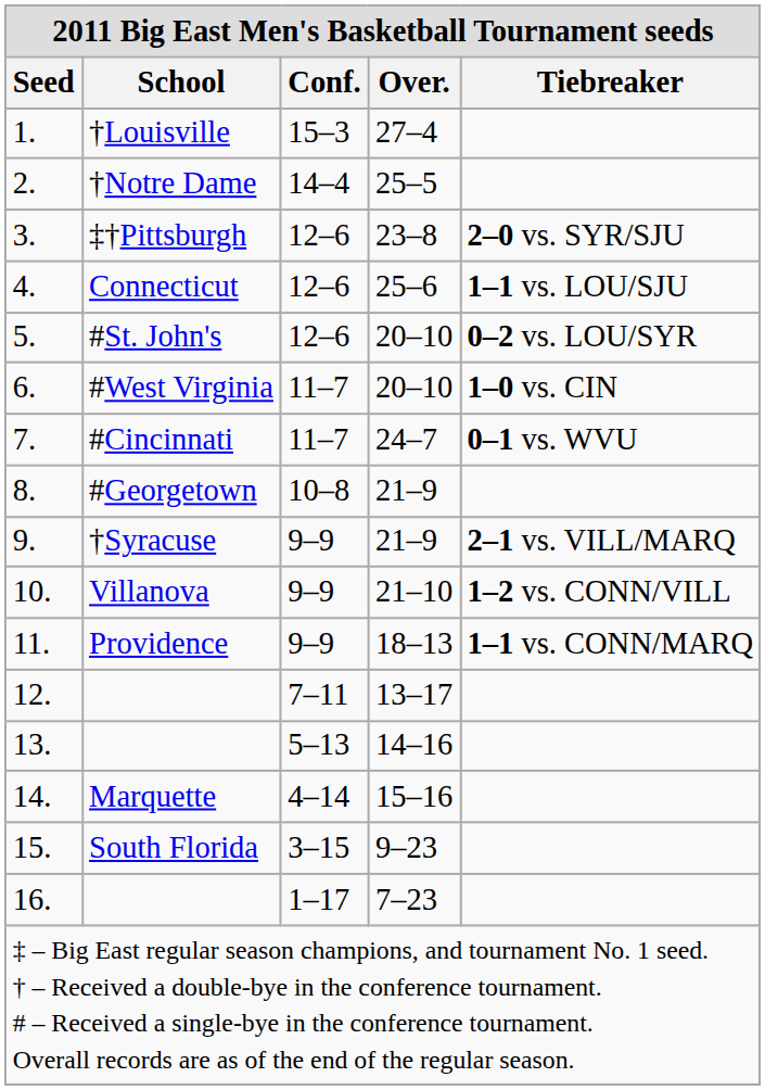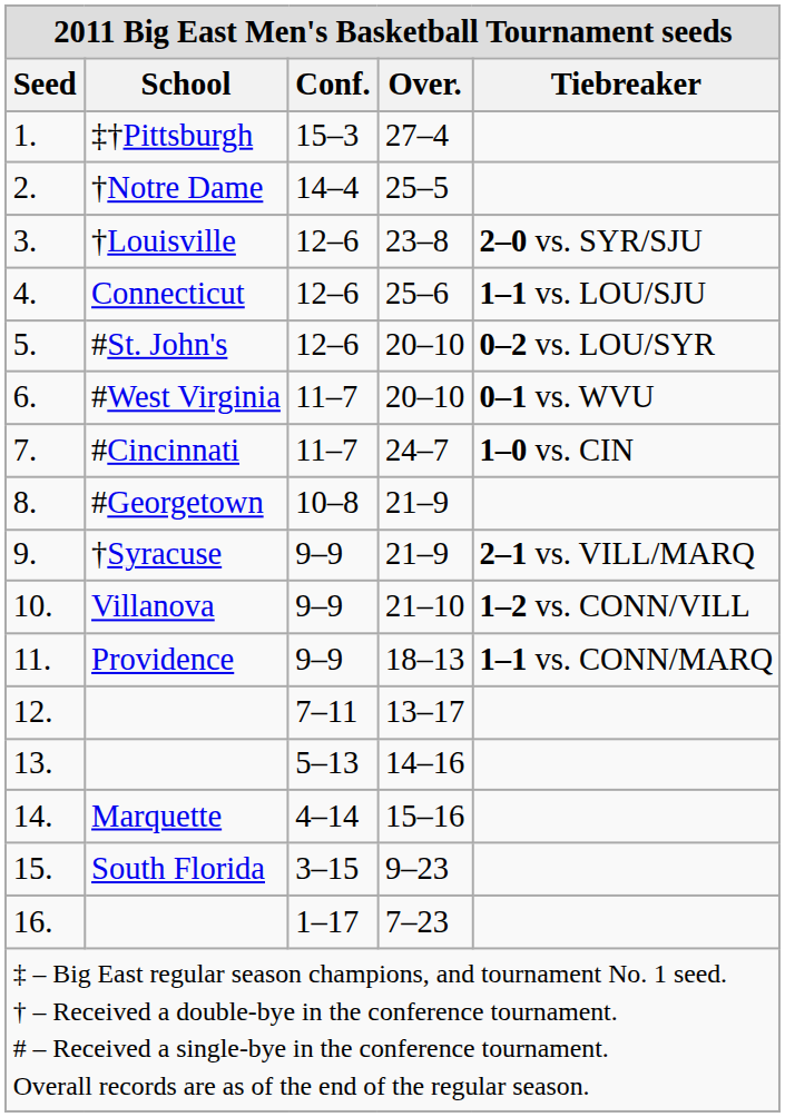 <table class="wikitable" style="white-space:nowrap; font-size:90%;">
 <tr>
 <td colspan="7" style="text-align:center; background:#DDDDDD; font:#000000"><strong>2011 Big East Men's Basketball Tournament seeds</strong></td>
 </tr>
 <tr bgcolor="#efefef">
 <th>Seed</th>
 <th>School</th>
 <th>Conf.</th>
 <th>Over.</th>
 <th>Tiebreaker</th>
 </tr>
 <tr>
 <td>1.</td>
-<td>†<a href='#'>Louisville</a></td>
+<td>‡†<a href='#'>Pittsburgh</a></td>
 <td>15–3</td>
 <td>27–4</td>
 <td></td>
 </tr>
 <tr>
 <td>2.</td>
 <td>†<a href='#'>Notre Dame</a></td>
 <td>14–4</td>
 <td>25–5</td>
 <td></td>
 </tr>
 <tr>
 <td>3.</td>
-<td>‡†<a href='#'>Pittsburgh</a></td>
+<td>†<a href='#'>Louisville</a></td>
 <td>12–6</td>
 <td>23–8</td>
 <td><strong>2–0</strong> vs. SYR/SJU</td>
 </tr>
 <tr>
 <td>4.</td>
 <td><a href='#'>Connecticut</a></td>
 <td>12–6</td>
 <td>25–6</td>
 <td><strong>1–1</strong> vs. LOU/SJU</td>
 </tr>
 <tr>
 <td>5.</td>
 <td>#<a href='#'>St. John's</a></td>
 <td>12–6</td>
 <td>20–10</td>
 <td><strong>0–2</strong> vs. LOU/SYR</td>
 </tr>
 <tr>
 <td>6.</td>
 <td>#<a href='#'>West Virginia</a></td>
 <td>11–7</td>
 <td>20–10</td>
-<td><strong>1–0</strong> vs. CIN</td>
+<td><strong>0–1</strong> vs. WVU</td>
 </tr>
 <tr>
 <td>7.</td>
 <td>#<a href='#'>Cincinnati</a></td>
 <td>11–7</td>
 <td>24–7</td>
-<td><strong>0–1</strong> vs. WVU</td>
+<td><strong>1–0</strong> vs. CIN</td>
 </tr>
 <tr>
 <td>8.</td>
 <td>#<a href='#'>Georgetown</a></td>
 <td>10–8</td>
 <td>21–9</td>
 <td></td>
 </tr>
 <tr>
 <td>9.</td>
 <td>†<a href='#'>Syracuse</a></td>
 <td>9–9</td>
 <td>21–9</td>
 <td><strong>2–1</strong> vs. VILL/MARQ</td>
 </tr>
 <tr>
 <td>10.</td>
 <td><a href='#'>Villanova</a></td>
 <td>9–9</td>
 <td>21–10</td>
 <td><strong>1–2</strong> vs. CONN/VILL</td>
 </tr>
 <tr>
 <td>11.</td>
 <td><a href='#'>Providence</a></td>
 <td>9–9</td>
 <td>18–13</td>
 <td><strong>1–1</strong> vs. CONN/MARQ</td>
 </tr>
 <tr>
 <td>12.</td>
 <td></td>
 <td>7–11</td>
 <td>13–17</td>
 <td></td>
 </tr>
 <tr>
 <td>13.</td>
 <td></td>
 <td>5–13</td>
 <td>14–16</td>
 <td></td>
 </tr>
 <tr>
 <td>14.</td>
 <td><a href='#'>Marquette</a></td>
 <td>4–14</td>
 <td>15–16</td>
 <td></td>
 </tr>
 <tr>
 <td>15.</td>
 <td><a href='#'>South Florida</a></td>
 <td>3–15</td>
 <td>9–23</td>
 <td></td>
 </tr>
 <tr>
 <td>16.</td>
 <td></td>
 <td>1–17</td>
 <td>7–23</td>
 <td></td>
 </tr>
 <tr>
 <td colspan="6" style="text-align:left;"><small>‡ – Big East regular season champions, and tournament No. 1 seed.<br>† – Received a double-bye in the conference tournament.<br># – Received a single-bye in the conference tournament. <br>Overall records are as of the end of the regular season.</small></td>
 </tr>
 <tr>
 </tr>
 </table>
